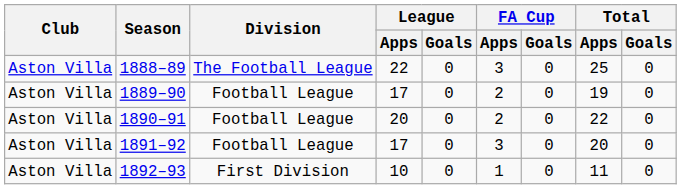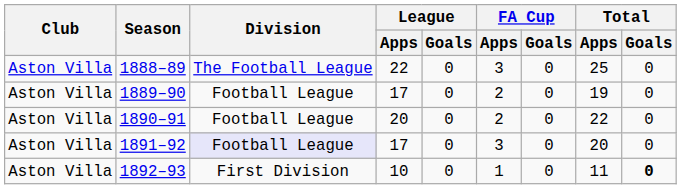 <table class="wikitable" style="text-align:center;">
 <tr>
 <th rowspan="2">Club</th>
 <th rowspan="2">Season</th>
 <th rowspan="2">Division</th>
 <th colspan="2">League</th>
 <th colspan="2"><a href='#'>FA Cup</a></th>
 <th colspan="2">Total</th>
 </tr>
 <tr>
 <th>Apps</th>
 <th>Goals</th>
 <th>Apps</th>
 <th>Goals</th>
 <th>Apps</th>
 <th>Goals</th>
 </tr>
 <tr>
 <td><a href='#'>Aston Villa</a></td>
 <td><a href='#'>1888–89</a></td>
 <td><a href='#'>The Football League</a></td>
 <td>22</td>
 <td>0</td>
 <td>3</td>
 <td>0</td>
 <td>25</td>
 <td>0</td>
 </tr>
 <tr>
 <td>Aston Villa</td>
 <td><a href='#'>1889–90</a></td>
 <td>Football League</td>
 <td>17</td>
 <td>0</td>
 <td>2</td>
 <td>0</td>
 <td>19</td>
 <td>0</td>
 </tr>
 <tr>
 <td>Aston Villa</td>
 <td><a href='#'>1890–91</a></td>
 <td>Football League</td>
 <td>20</td>
 <td>0</td>
 <td>2</td>
 <td>0</td>
 <td>22</td>
 <td>0</td>
 </tr>
 <tr>
 <td>Aston Villa</td>
 <td><a href='#'>1891–92</a></td>
-<td>Football League</td>
+<td style="background: lavender;">Football League</td>
 <td>17</td>
 <td>0</td>
 <td>3</td>
 <td>0</td>
 <td>20</td>
 <td>0</td>
 </tr>
 <tr>
 <td>Aston Villa</td>
 <td><a href='#'>1892–93</a></td>
 <td>First Division</td>
 <td>10</td>
 <td>0</td>
 <td>1</td>
 <td>0</td>
 <td>11</td>
-<td>0</td>
+<td><strong>0</strong></td>
 </tr>
 </table>
